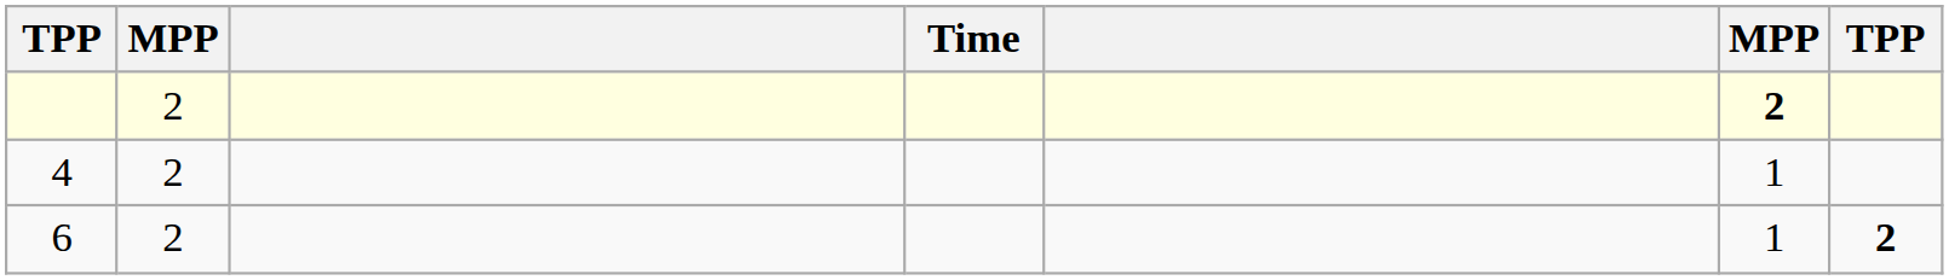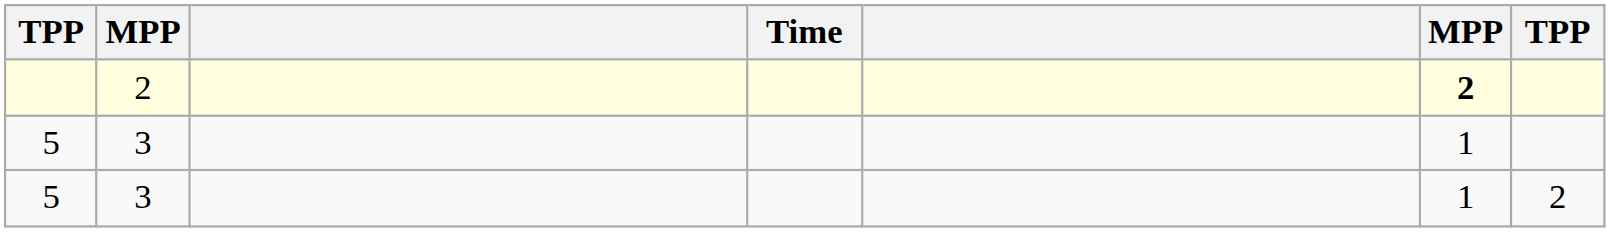 <table class="wikitable" style="text-align: center;" |>
 <tr>
 <th width="35">TPP</th>
 <th width="35">MPP</th>
 <th width="250"></th>
 <th width="45">Time</th>
 <th width="250"></th>
 <th width="35">MPP</th>
 <th width="35">TPP</th>
 </tr>
 <tr bgcolor="lightyellow">
 <td></td>
 <td>2</td>
 <td style="text-align:left;"></td>
 <td></td>
 <td style="text-align:left;"></td>
 <td><strong>2</strong></td>
 <td></td>
 </tr>
 <tr>
-<td>4</td>
-<td>2</td>
+<td>5</td>
+<td>3</td>
 <td style="text-align:left;"></td>
 <td></td>
 <td style="text-align:left;"><strong></strong></td>
 <td>1</td>
 <td></td>
 </tr>
 <tr>
-<td>6</td>
-<td>2</td>
+<td>5</td>
+<td>3</td>
 <td style="text-align:left;"></td>
 <td></td>
 <td style="text-align:left;"><strong></strong></td>
 <td>1</td>
-<td><strong>2</strong></td>
+<td>2</td>
 </tr>
 </table>
